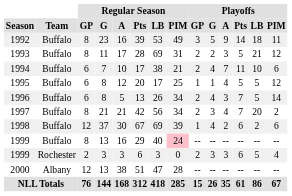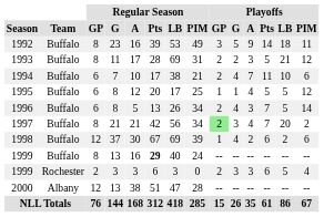 <table BORDER="0" CELLPADDING="3" CELLSPACING="0">
 <tr ALIGN="center" bgcolor="#e0e0e0">
 <th colspan="2" bgcolor="#ffffff"> </th>
 <th colspan="6">Regular Season</th>
 <th colspan="6">Playoffs</th>
 </tr>
 <tr ALIGN="center" bgcolor="#e0e0e0">
 <th>Season</th>
 <th>Team</th>
 <th>GP</th>
 <th>G</th>
 <th>A</th>
 <th>Pts</th>
 <th>LB</th>
 <th>PIM</th>
 <th>GP</th>
 <th>G</th>
 <th>A</th>
 <th>Pts</th>
 <th>LB</th>
 <th>PIM</th>
 </tr>
 <tr ALIGN="center" bgcolor="#f0f0f0">
 <td>1992</td>
 <td>Buffalo</td>
 <td>8</td>
 <td>23</td>
 <td>16</td>
 <td>39</td>
 <td>53</td>
 <td>49</td>
 <td>3</td>
 <td>5</td>
 <td>9</td>
 <td>14</td>
 <td>18</td>
 <td>11</td>
 </tr>
 <tr ALIGN="center">
 <td>1993</td>
 <td>Buffalo</td>
 <td>8</td>
 <td>11</td>
 <td>17</td>
 <td>28</td>
 <td>69</td>
 <td>31</td>
 <td>2</td>
 <td>2</td>
 <td>3</td>
 <td>5</td>
 <td>21</td>
 <td>12</td>
 </tr>
 <tr ALIGN="center" bgcolor="#f0f0f0">
 <td>1994</td>
 <td>Buffalo</td>
 <td>6</td>
 <td>7</td>
 <td>10</td>
 <td>17</td>
 <td>38</td>
 <td>21</td>
 <td>2</td>
 <td>4</td>
 <td>7</td>
 <td>11</td>
 <td>10</td>
 <td>6</td>
 </tr>
 <tr ALIGN="center">
 <td>1995</td>
 <td>Buffalo</td>
 <td>6</td>
 <td>8</td>
 <td>12</td>
 <td>20</td>
 <td>17</td>
 <td>25</td>
 <td>1</td>
 <td>1</td>
 <td>4</td>
 <td>5</td>
 <td>5</td>
 <td>12</td>
 </tr>
 <tr ALIGN="center" bgcolor="#f0f0f0">
 <td>1996</td>
 <td>Buffalo</td>
 <td>6</td>
 <td>8</td>
 <td>5</td>
 <td>13</td>
 <td>26</td>
 <td>34</td>
 <td>2</td>
 <td>4</td>
 <td>3</td>
 <td>7</td>
 <td>5</td>
 <td>14</td>
 </tr>
 <tr ALIGN="center">
 <td>1997</td>
 <td>Buffalo</td>
 <td>8</td>
 <td>21</td>
 <td>21</td>
 <td>42</td>
 <td>56</td>
 <td>34</td>
-<td>2</td>
+<td style="background: lightgreen;">2</td>
 <td>3</td>
 <td>4</td>
 <td>7</td>
 <td>20</td>
 <td>2</td>
 </tr>
 <tr ALIGN="center" bgcolor="#f0f0f0">
 <td>1998</td>
 <td>Buffalo</td>
 <td>12</td>
 <td>37</td>
 <td>30</td>
 <td>67</td>
 <td>69</td>
 <td>39</td>
 <td>1</td>
 <td>4</td>
 <td>2</td>
 <td>6</td>
 <td>2</td>
 <td>6</td>
 </tr>
 <tr ALIGN="center">
 <td>1999</td>
 <td>Buffalo</td>
 <td>8</td>
 <td>13</td>
 <td>16</td>
-<td>29</td>
+<td><strong>29</strong></td>
 <td>40</td>
-<td style="background: pink;">24</td>
+<td>24</td>
 <td>--</td>
 <td>--</td>
 <td>--</td>
 <td>--</td>
 <td>--</td>
 <td>--</td>
 </tr>
 <tr ALIGN="center" bgcolor="#f0f0f0">
 <td>1999</td>
 <td>Rochester</td>
 <td>2</td>
 <td>3</td>
 <td>3</td>
 <td>6</td>
 <td>3</td>
 <td>0</td>
 <td>2</td>
 <td>3</td>
 <td>3</td>
 <td>6</td>
 <td>5</td>
 <td>4</td>
 </tr>
 <tr ALIGN="center">
 <td>2000</td>
 <td>Albany</td>
 <td>12</td>
 <td>13</td>
 <td>38</td>
 <td>51</td>
 <td>47</td>
 <td>28</td>
 <td>--</td>
 <td>--</td>
 <td>--</td>
 <td>--</td>
 <td>--</td>
 <td>--</td>
 </tr>
 <tr ALIGN="center" bgcolor="#e0e0e0">
 <th colspan="2">NLL Totals</th>
 <th>76</th>
 <th>144</th>
 <th>168</th>
 <th>312</th>
 <th>418</th>
 <th>285</th>
 <th>15</th>
 <th>26</th>
 <th>35</th>
 <th>61</th>
 <th>86</th>
 <th>67</th>
 </tr>
 </table>
